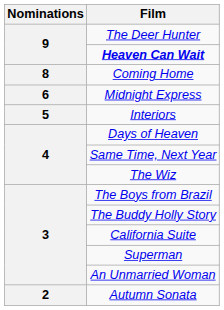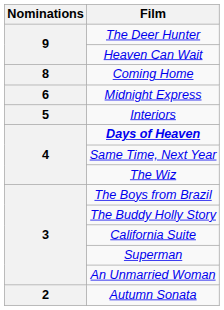 <table class="wikitable" style="text-align: center;">
 <tr>
 <th scope="col" style="width:55px;">Nominations</th>
 <th scope="col" style="text-align:center;">Film</th>
 </tr>
 <tr>
 <th rowspan="2" scope="row" style="text-align:center;">9</th>
 <td><em><a href='#'>The Deer Hunter</a></em></td>
 </tr>
 <tr>
-<td><strong><em><a href='#'>Heaven Can Wait</a></em></strong></td>
+<td><em><a href='#'>Heaven Can Wait</a></em></td>
 </tr>
 <tr>
 <th scope="row" style="text-align:center;">8</th>
 <td><em><a href='#'>Coming Home</a></em></td>
 </tr>
 <tr>
 <th scope="row" style="text-align:center;">6</th>
 <td><em><a href='#'>Midnight Express</a></em></td>
 </tr>
 <tr>
 <th scope="row" style="text-align:center;">5</th>
 <td><em><a href='#'>Interiors</a></em></td>
 </tr>
 <tr>
 <th rowspan="3" scope="row" style="text-align:center;">4</th>
-<td><em><a href='#'>Days of Heaven</a></em></td>
+<td><strong><em><a href='#'>Days of Heaven</a></em></strong></td>
 </tr>
 <tr>
 <td><em><a href='#'>Same Time, Next Year</a></em></td>
 </tr>
 <tr>
 <td><em><a href='#'>The Wiz</a></em></td>
 </tr>
 <tr>
 <th rowspan="5" scope="row" style="text-align:center;">3</th>
 <td><em><a href='#'>The Boys from Brazil</a></em></td>
 </tr>
 <tr>
 <td><em><a href='#'>The Buddy Holly Story</a></em></td>
 </tr>
 <tr>
 <td><em><a href='#'>California Suite</a></em></td>
 </tr>
 <tr>
 <td><em><a href='#'>Superman</a></em></td>
 </tr>
 <tr>
 <td><em><a href='#'>An Unmarried Woman</a></em></td>
 </tr>
 <tr>
 <th scope="row" style="text-align:center;">2</th>
 <td><em><a href='#'>Autumn Sonata</a></em></td>
 </tr>
 </table>
